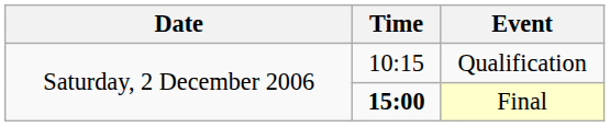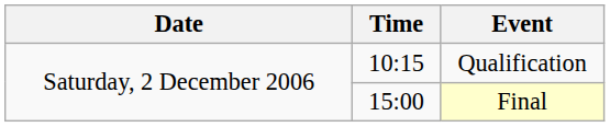 <table class = "wikitable" style="text-align:center;">
 <tr>
 <th width=220>Date</th>
 <th width=50>Time</th>
 <th width=100>Event</th>
 </tr>
 <tr>
 <td rowspan=2>Saturday, 2 December 2006</td>
 <td>10:15</td>
 <td>Qualification</td>
 </tr>
 <tr>
-<td><strong>15:00</strong></td>
+<td>15:00</td>
 <td bgcolor=ffffcc>Final</td>
 </tr>
 </table>
